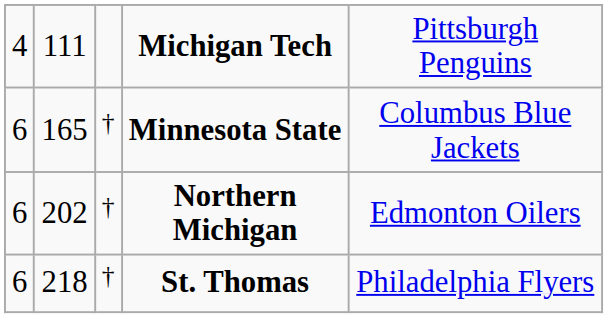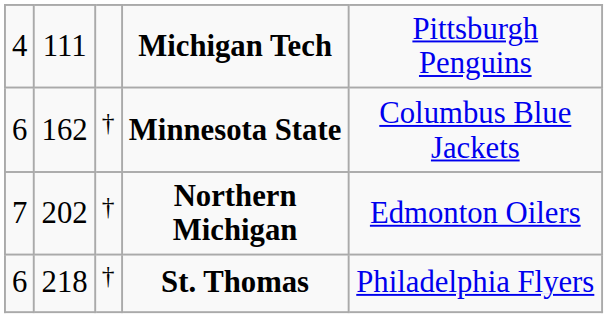 <table class="wikitable sortable" width="50%">
 <tr align="center" bgcolor="">
 <td>4</td>
 <td>111</td>
 <td></td>
 <td><strong>Michigan Tech</strong></td>
 <td><a href='#'>Pittsburgh Penguins</a></td>
 </tr>
 <tr align="center" bgcolor="">
 <td>6</td>
-<td>165</td>
+<td>162</td>
 <td> <sup>†</sup></td>
 <td><strong>Minnesota State</strong></td>
 <td><a href='#'>Columbus Blue Jackets</a></td>
 </tr>
 <tr align="center" bgcolor="">
-<td>6</td>
+<td>7</td>
 <td>202</td>
 <td> <sup>†</sup></td>
 <td><strong>Northern Michigan</strong></td>
 <td><a href='#'>Edmonton Oilers</a></td>
 </tr>
 <tr align="center" bgcolor="">
 <td>6</td>
 <td>218</td>
 <td> <sup>†</sup></td>
 <td><strong>St. Thomas</strong></td>
 <td><a href='#'>Philadelphia Flyers</a></td>
 </tr>
 </table>
